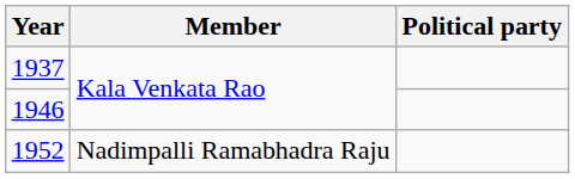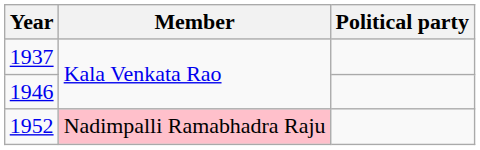 <table class="wikitable sortable">
 <tr>
 <th>Year</th>
 <th>Member</th>
 <th colspan="2">Political party</th>
 </tr>
 <tr>
 <td><a href='#'>1937</a></td>
 <td rowspan="2"><a href='#'>Kala Venkata Rao</a></td>
 <td></td>
 </tr>
 <tr>
 <td><a href='#'>1946</a></td>
 </tr>
 <tr>
 <td><a href='#'>1952</a></td>
-<td>Nadimpalli Ramabhadra Raju</td>
+<td style="background: pink;">Nadimpalli Ramabhadra Raju</td>
 <td></td>
 </tr>
 </table>
